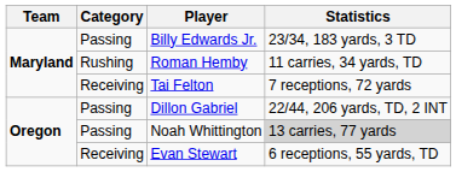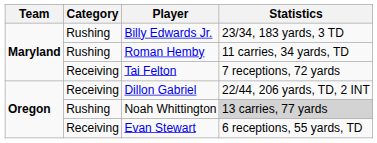 <table class="wikitable" style="float: right;">
 <tr>
 <th>Team</th>
 <th>Category</th>
 <th>Player</th>
 <th>Statistics</th>
 </tr>
 <tr>
 <td rowspan=3><strong>Maryland</strong></td>
-<td>Passing</td>
+<td>Rushing</td>
 <td><a href='#'>Billy Edwards Jr.</a></td>
 <td>23/34, 183 yards, 3 TD</td>
 </tr>
 <tr>
 <td>Rushing</td>
 <td><a href='#'>Roman Hemby</a></td>
 <td>11 carries, 34 yards, TD</td>
 </tr>
 <tr>
 <td>Receiving</td>
 <td><a href='#'>Tai Felton</a></td>
 <td>7 receptions, 72 yards</td>
 </tr>
 <tr>
 <td rowspan=3><strong>Oregon</strong></td>
-<td>Passing</td>
+<td>Receiving</td>
 <td><a href='#'>Dillon Gabriel</a></td>
 <td>22/44, 206 yards, TD, 2 INT</td>
 </tr>
 <tr>
-<td>Passing</td>
+<td>Rushing</td>
 <td>Noah Whittington</td>
 <td style="background: lightgrey;">13 carries, 77 yards</td>
 </tr>
 <tr>
 <td>Receiving</td>
 <td><a href='#'>Evan Stewart</a></td>
 <td>6 receptions, 55 yards, TD</td>
 </tr>
 </table>
